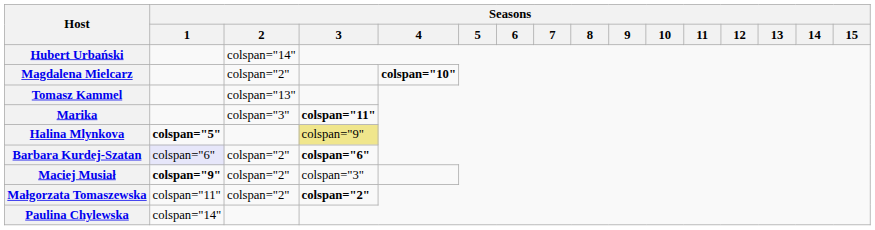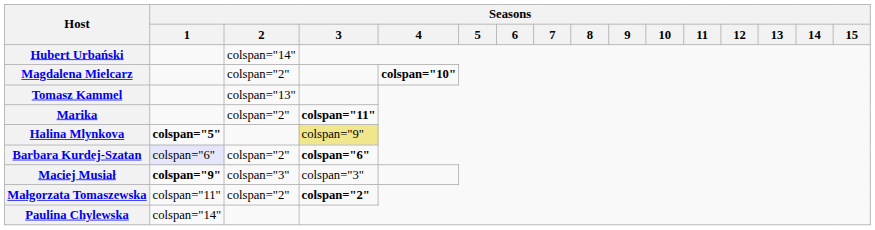 <table class="wikitable">
 <tr>
 <th rowspan="2">Host</th>
 <th colspan="15">Seasons</th>
 </tr>
 <tr>
 <th width="40">1</th>
 <th width="40">2</th>
 <th width="40">3</th>
 <th width="40">4</th>
 <th width="40">5</th>
 <th width="40">6</th>
 <th width="40">7</th>
 <th width="40">8</th>
 <th width="40">9</th>
 <th width="40">10</th>
 <th width="40">11</th>
 <th width="40">12</th>
 <th width="40">13</th>
 <th width="40">14</th>
 <th width="40">15</th>
 </tr>
 <tr>
 <th scope="row"><a href='#'>Hubert Urbański</a></th>
 <td></td>
 <td>colspan="14" </td>
 </tr>
 <tr>
 <th scope="row"><a href='#'>Magdalena Mielcarz</a></th>
 <td></td>
 <td>colspan="2" </td>
 <td></td>
 <td><strong>colspan="10" </strong></td>
 </tr>
 <tr>
 <th scope="row"><a href='#'>Tomasz Kammel</a></th>
 <td></td>
 <td>colspan="13"</td>
 <td></td>
 </tr>
 <tr>
 <th scope="row"><a href='#'>Marika</a></th>
 <td></td>
-<td>colspan="3" </td>
+<td>colspan="2" </td>
 <td><strong>colspan="11" </strong></td>
 </tr>
 <tr>
 <th scope="row"><a href='#'>Halina Mlynkova</a></th>
 <td><strong>colspan="5" </strong></td>
 <td></td>
 <td style="background: khaki;">colspan="9" </td>
 </tr>
 <tr>
 <th scope="row"><a href='#'>Barbara Kurdej-Szatan</a></th>
 <td style="background: lavender;">colspan="6" </td>
 <td>colspan="2" </td>
 <td><strong>colspan="6" </strong></td>
 </tr>
 <tr>
 <th scope="row"><a href='#'>Maciej Musiał</a></th>
 <td><strong>colspan="9" </strong></td>
-<td>colspan="2" </td>
+<td>colspan="3" </td>
 <td>colspan="3" </td>
 <td></td>
 </tr>
 <tr>
 <th scope="row"><a href='#'>Małgorzata Tomaszewska</a></th>
 <td>colspan="11" </td>
 <td>colspan="2" </td>
 <td><strong>colspan="2" </strong></td>
 </tr>
 <tr>
 <th scope="row"><a href='#'>Paulina Chylewska</a></th>
 <td>colspan="14" </td>
 <td></td>
 </tr>
 </table>
